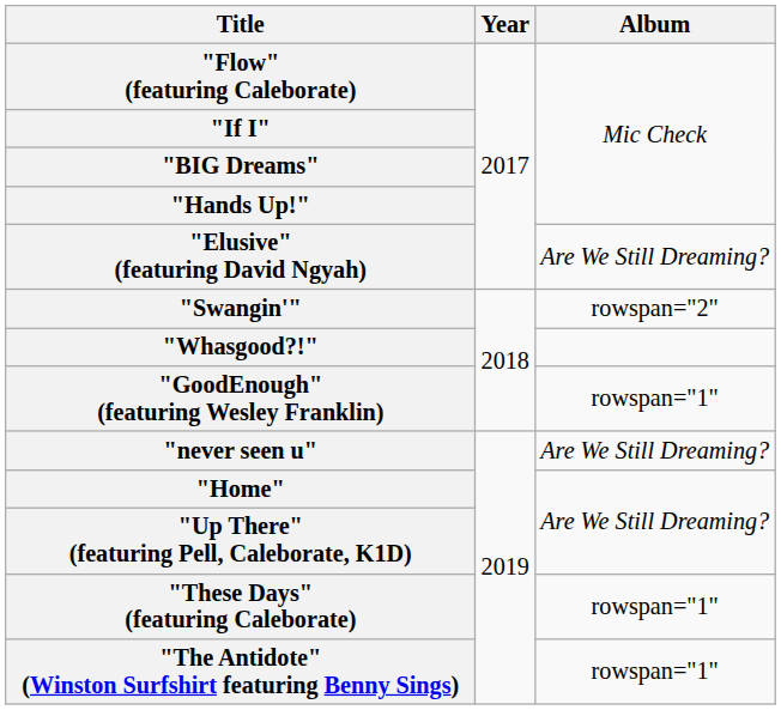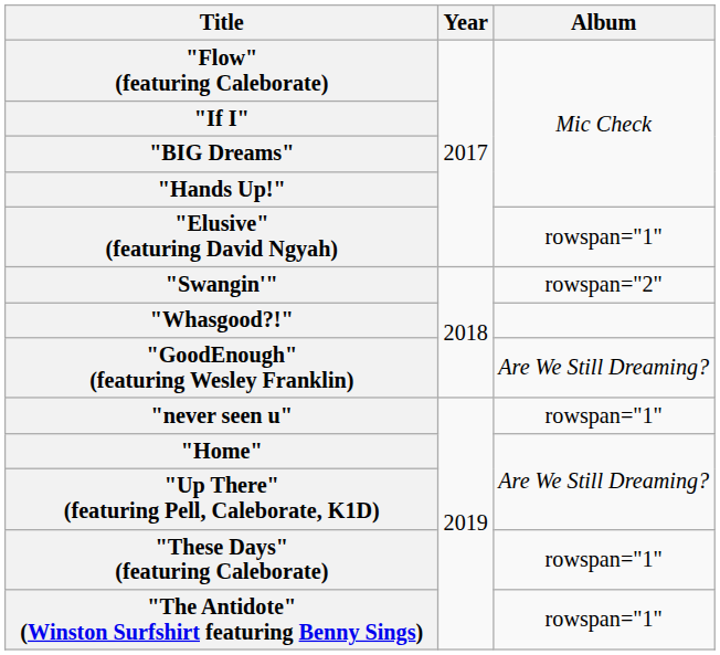 <table class="wikitable plainrowheaders" style="text-align:center;">
 <tr>
 <th scope="col" style="width:19em;">Title</th>
 <th scope="col" style="width:1em;">Year</th>
 <th scope="col">Album</th>
 </tr>
 <tr>
 <th scope="row">"Flow"<br><span>(featuring Caleborate)</span></th>
 <td rowspan="5">2017</td>
 <td rowspan="4"><em>Mic Check</em></td>
 </tr>
 <tr>
 <th scope="row">"If I"</th>
 </tr>
 <tr>
 <th scope="row">"BIG Dreams"</th>
 </tr>
 <tr>
 <th scope="row">"Hands Up!"</th>
 </tr>
 <tr>
 <th scope="row">"Elusive"<br><span>(featuring David Ngyah)</span></th>
-<td rowspan="1"><em>Are We Still Dreaming?</em></td>
+<td>rowspan="1" </td>
 </tr>
 <tr>
 <th scope="row">"Swangin'"</th>
 <td rowspan="3">2018</td>
 <td>rowspan="2" </td>
 </tr>
 <tr>
 <th scope="row">"Whasgood?!"</th>
 </tr>
 <tr>
 <th scope="row">"GoodEnough"<br><span>(featuring Wesley Franklin)</span></th>
-<td>rowspan="1" </td>
+<td rowspan="1"><em>Are We Still Dreaming?</em></td>
 </tr>
 <tr>
 <th scope="row">"never seen u"</th>
 <td rowspan="5">2019</td>
-<td rowspan="1"><em>Are We Still Dreaming?</em></td>
+<td>rowspan="1" </td>
 </tr>
 <tr>
 <th scope="row">"Home"</th>
 <td rowspan="2"><em>Are We Still Dreaming?</em></td>
 </tr>
 <tr>
 <th scope="row">"Up There"<br><span>(featuring Pell, Caleborate, K1D)</span></th>
 </tr>
 <tr>
 <th scope="row">"These Days"<br><span>(featuring Caleborate)</span></th>
 <td>rowspan="1" </td>
 </tr>
 <tr>
 <th scope="row">"The Antidote"<br><span>(<a href='#'>Winston Surfshirt</a> featuring <a href='#'>Benny Sings</a>)</span></th>
 <td>rowspan="1" </td>
 </tr>
 </table>
